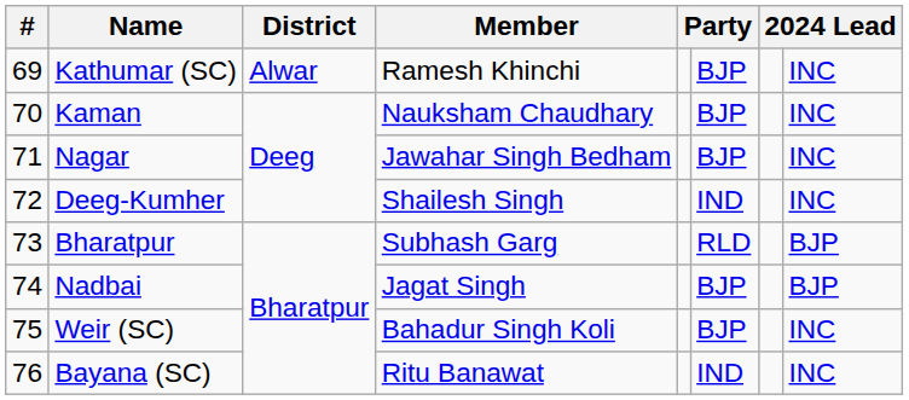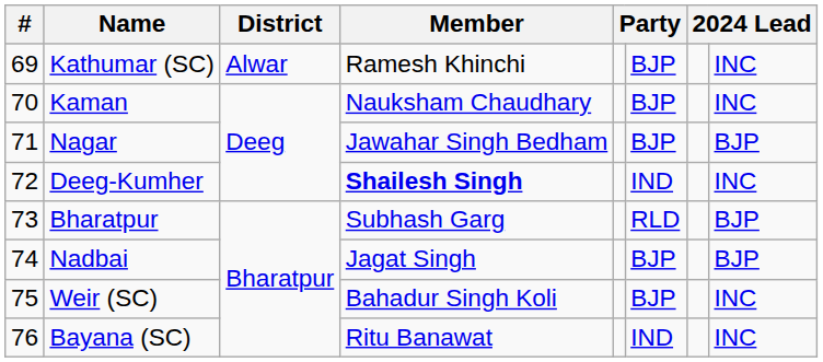 <table class="wikitable">
 <tr>
 <th>#</th>
 <th>Name</th>
 <th>District</th>
 <th>Member</th>
 <th colspan="2">Party</th>
 <th colspan="2">2024 Lead</th>
 </tr>
 <tr>
 <td>69</td>
 <td><a href='#'>Kathumar</a> (SC)</td>
 <td><a href='#'>Alwar</a></td>
 <td>Ramesh Khinchi</td>
 <td style="background-color: "></td>
 <td><a href='#'>BJP</a></td>
 <td style="background-color:"></td>
 <td><a href='#'>INC</a></td>
 </tr>
 <tr>
 <td>70</td>
 <td><a href='#'>Kaman</a></td>
 <td rowspan="3"><a href='#'>Deeg</a></td>
 <td><a href='#'>Nauksham Chaudhary</a></td>
 <td style="background-color: "></td>
 <td><a href='#'>BJP</a></td>
 <td style="background-color:"></td>
 <td><a href='#'>INC</a></td>
 </tr>
 <tr>
 <td>71</td>
 <td><a href='#'>Nagar</a></td>
 <td><a href='#'>Jawahar Singh Bedham</a></td>
 <td style="background-color: "></td>
 <td><a href='#'>BJP</a></td>
 <td style="background-color:"></td>
-<td><a href='#'>INC</a></td>
+<td><a href='#'>BJP</a></td>
 </tr>
 <tr>
 <td>72</td>
 <td><a href='#'>Deeg-Kumher</a></td>
-<td><a href='#'>Shailesh Singh</a></td>
+<td><strong><a href='#'>Shailesh Singh</a></strong></td>
 <td style="background-color: "></td>
 <td><a href='#'>IND</a></td>
 <td style="background-color:"></td>
 <td><a href='#'>INC</a></td>
 </tr>
 <tr>
 <td>73</td>
 <td><a href='#'>Bharatpur</a></td>
 <td rowspan="4"><a href='#'>Bharatpur</a></td>
 <td><a href='#'>Subhash Garg</a></td>
 <td style="background-color: "></td>
 <td><a href='#'>RLD</a></td>
 <td style="background-color: "></td>
 <td><a href='#'>BJP</a></td>
 </tr>
 <tr>
 <td>74</td>
 <td><a href='#'>Nadbai</a></td>
 <td><a href='#'>Jagat Singh</a></td>
 <td style="background-color: "></td>
 <td><a href='#'>BJP</a></td>
 <td style="background-color: "></td>
 <td><a href='#'>BJP</a></td>
 </tr>
 <tr>
 <td>75</td>
 <td><a href='#'>Weir</a> (SC)</td>
 <td><a href='#'>Bahadur Singh Koli</a></td>
 <td style="background-color: "></td>
 <td><a href='#'>BJP</a></td>
 <td style="background-color:"></td>
 <td><a href='#'>INC</a></td>
 </tr>
 <tr>
 <td>76</td>
 <td><a href='#'>Bayana</a> (SC)</td>
 <td><a href='#'>Ritu Banawat</a></td>
 <td style="background-color: "></td>
 <td><a href='#'>IND</a></td>
 <td style="background-color:"></td>
 <td><a href='#'>INC</a></td>
 </tr>
 </table>
